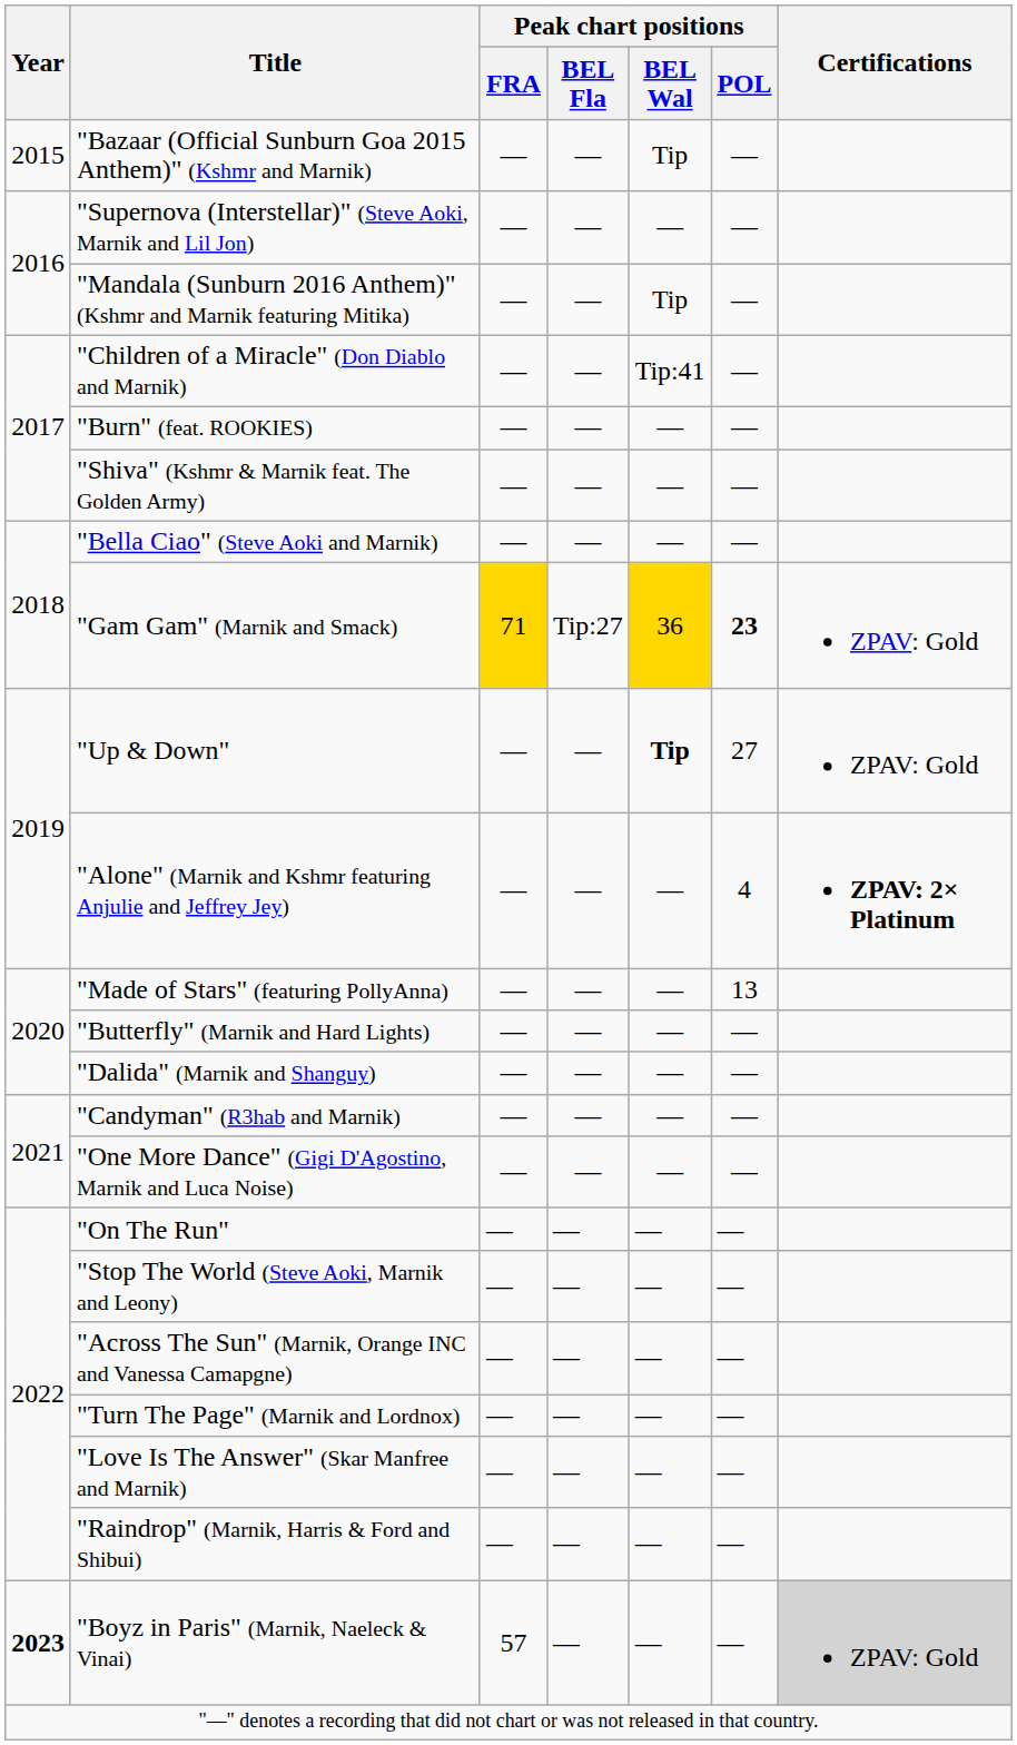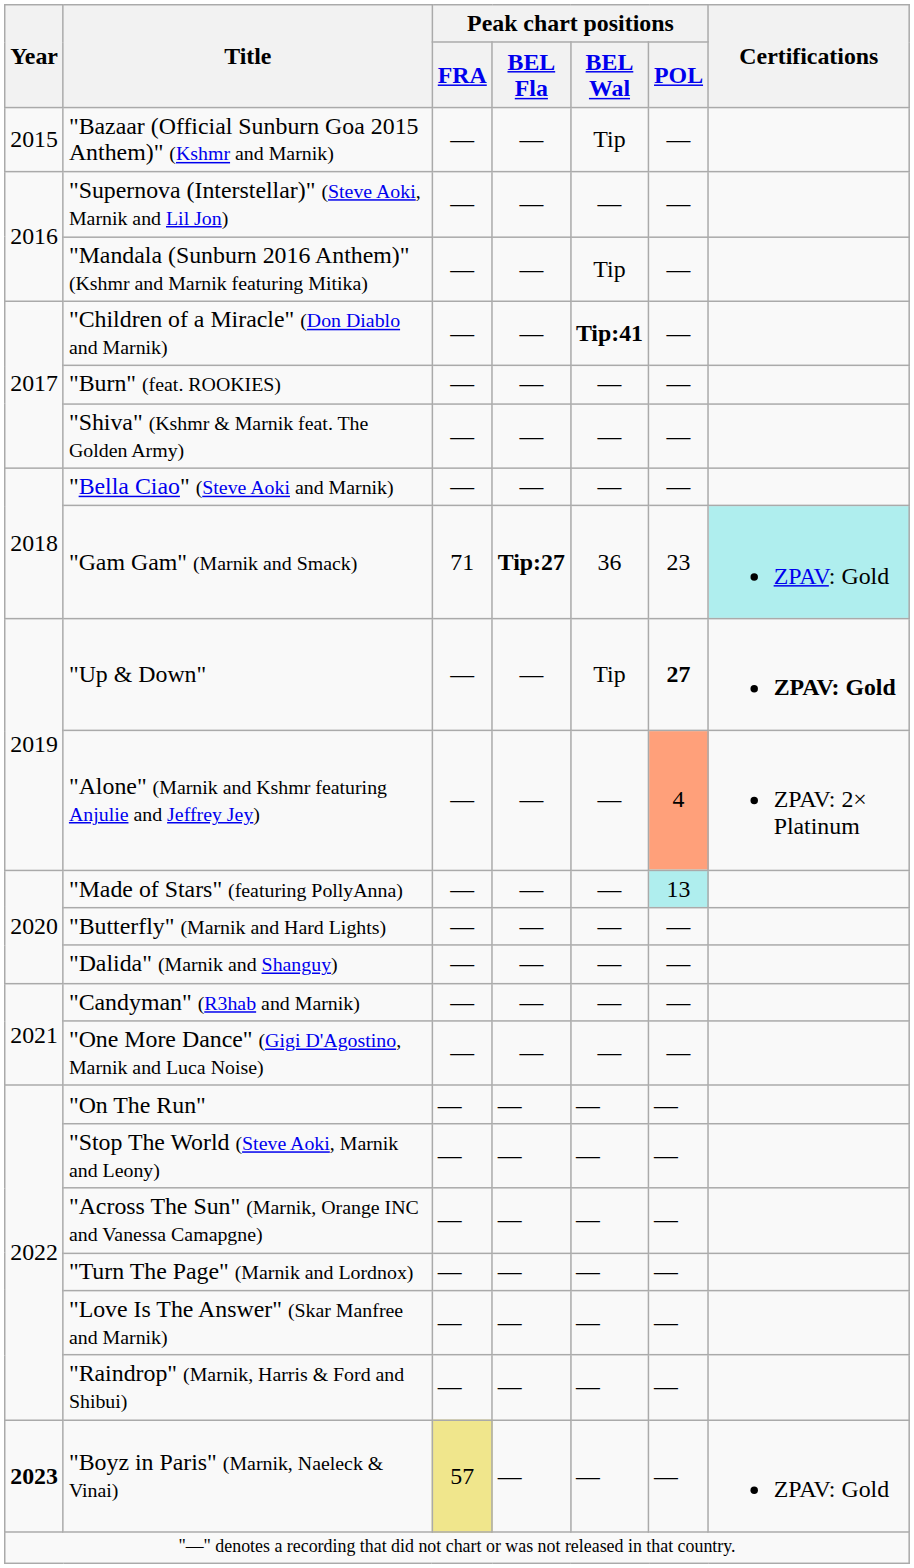 <table class="wikitable plainrowheaders">
 <tr>
 <th align="center" rowspan="2">Year</th>
 <th align="center" rowspan="2">Title</th>
 <th align="center" colspan="4">Peak chart positions</th>
 <th align="center" rowspan="2">Certifications</th>
 </tr>
 <tr>
 <th width="20"><a href='#'>FRA</a><br></th>
 <th width="20"><a href='#'>BEL<br>Fla</a><br></th>
 <th width="20"><a href='#'>BEL<br>Wal</a><br></th>
 <th width="20"><a href='#'>POL</a><br></th>
 </tr>
 <tr>
 <td align="center">2015</td>
 <td>"Bazaar (Official Sunburn Goa 2015 Anthem)" <small>(<a href='#'>Kshmr</a> and Marnik)</small></td>
 <td align="center">—</td>
 <td align="center">—</td>
 <td align="center">Tip</td>
 <td align="center">—</td>
 <td></td>
 </tr>
 <tr>
 <td align="center" rowspan="2">2016</td>
 <td>"Supernova (Interstellar)" <small>(<a href='#'>Steve Aoki</a>, Marnik and <a href='#'>Lil Jon</a>)</small></td>
 <td align="center">—</td>
 <td align="center">—</td>
 <td align="center">—</td>
 <td align="center">—</td>
 <td></td>
 </tr>
 <tr>
 <td>"Mandala (Sunburn 2016 Anthem)" <small>(Kshmr and Marnik featuring Mitika)</small></td>
 <td align="center">—</td>
 <td align="center">—</td>
 <td align="center">Tip</td>
 <td align="center">—</td>
 <td></td>
 </tr>
 <tr>
 <td align="center" rowspan="3">2017</td>
 <td>"Children of a Miracle" <small>(<a href='#'>Don Diablo</a> and Marnik)</small></td>
 <td align="center">—</td>
 <td align="center">—</td>
-<td align="center">Tip:41</td>
+<td align="center"><strong>Tip:41</strong></td>
 <td align="center">—</td>
 <td></td>
 </tr>
 <tr>
 <td>"Burn" <small>(feat. ROOKIES)</small></td>
 <td align="center">—</td>
 <td align="center">—</td>
 <td align="center">—</td>
 <td align="center">—</td>
 <td></td>
 </tr>
 <tr>
 <td>"Shiva" <small>(Kshmr & Marnik feat. The Golden Army)</small></td>
 <td align="center">—</td>
 <td align="center">—</td>
 <td align="center">—</td>
 <td align="center">—</td>
 <td></td>
 </tr>
 <tr>
 <td align="center" rowspan="2">2018</td>
 <td>"<a href='#'>Bella Ciao</a>" <small>(<a href='#'>Steve Aoki</a> and Marnik)</small></td>
 <td align="center">—</td>
 <td align="center">—</td>
 <td align="center">—</td>
 <td align="center">—</td>
 <td></td>
 </tr>
 <tr>
 <td>"Gam Gam" <small>(Marnik and Smack)</small></td>
-<td align="center" style="background: gold;">71</td>
-<td align="center">Tip:27</td>
-<td align="center" style="background: gold;">36</td>
-<td align="center"><strong>23</strong></td>
-<td><br><ul><li><a href='#'>ZPAV</a>: Gold</li></ul></td>
+<td align="center">71</td>
+<td align="center"><strong>Tip:27</strong></td>
+<td align="center">36</td>
+<td align="center">23</td>
+<td style="background: paleturquoise;"><br><ul><li><a href='#'>ZPAV</a>: Gold</li></ul></td>
 </tr>
 <tr>
 <td align="center" rowspan="2">2019</td>
 <td>"Up & Down"</td>
 <td align="center">—</td>
 <td align="center">—</td>
-<td align="center"><strong>Tip</strong></td>
-<td align="center">27</td>
-<td><br><ul><li>ZPAV: Gold</li></ul></td>
+<td align="center">Tip</td>
+<td align="center"><strong>27</strong></td>
+<td><strong><br><ul><li>ZPAV: Gold</li></ul></strong></td>
 </tr>
 <tr>
 <td>"Alone" <small>(Marnik and Kshmr featuring <a href='#'>Anjulie</a> and <a href='#'>Jeffrey Jey</a>)</small></td>
 <td align="center">—</td>
 <td align="center">—</td>
 <td align="center">—</td>
-<td align="center">4</td>
-<td><strong><br><ul><li>ZPAV: 2× Platinum</li></ul></strong></td>
+<td align="center" style="background: lightsalmon;">4</td>
+<td><br><ul><li>ZPAV: 2× Platinum</li></ul></td>
 </tr>
 <tr>
 <td rowspan="3" align="center">2020</td>
 <td>"Made of Stars" <small>(featuring PollyAnna)</small></td>
 <td align="center">—</td>
 <td align="center">—</td>
 <td align="center">—</td>
-<td align="center">13</td>
+<td align="center" style="background: paleturquoise;">13</td>
 <td></td>
 </tr>
 <tr>
 <td>"Butterfly" <small>(Marnik and Hard Lights)</small></td>
 <td align="center">—</td>
 <td align="center">—</td>
 <td align="center">—</td>
 <td align="center">—</td>
 <td></td>
 </tr>
 <tr>
 <td>"Dalida" <small>(Marnik and <a href='#'>Shanguy</a>)</small></td>
 <td align="center">—</td>
 <td align="center">—</td>
 <td align="center">—</td>
 <td align="center">—</td>
 <td></td>
 </tr>
 <tr>
 <td rowspan="2">2021</td>
 <td>"Candyman" <small>(<a href='#'>R3hab</a> and Marnik)</small></td>
 <td align="center">—</td>
 <td align="center">—</td>
 <td align="center">—</td>
 <td align="center">—</td>
 <td></td>
 </tr>
 <tr>
 <td>"One More Dance" <small>(<a href='#'>Gigi D'Agostino</a>, Marnik and Luca Noise)</small></td>
 <td align="center">—</td>
 <td align="center">—</td>
 <td align="center">—</td>
 <td align="center">—</td>
 <td></td>
 </tr>
 <tr>
 <td rowspan="6">2022</td>
 <td>"On The Run"</td>
 <td>—</td>
 <td>—</td>
 <td>—</td>
 <td>—</td>
 <td></td>
 </tr>
 <tr>
 <td>"Stop The World <small>(<a href='#'>Steve Aoki</a>, Marnik and Leony)</small></td>
 <td>—</td>
 <td>—</td>
 <td>—</td>
 <td>—</td>
 <td></td>
 </tr>
 <tr>
 <td>"Across The Sun" <small>(Marnik, Orange INC and Vanessa Camapgne)</small></td>
 <td>—</td>
 <td>—</td>
 <td>—</td>
 <td>—</td>
 <td></td>
 </tr>
 <tr>
 <td>"Turn The Page" <small>(Marnik and Lordnox)</small></td>
 <td>—</td>
 <td>—</td>
 <td>—</td>
 <td>—</td>
 <td></td>
 </tr>
 <tr>
 <td>"Love Is The Answer" <small>(Skar  Manfree and Marnik)</small></td>
 <td>—</td>
 <td>—</td>
 <td>—</td>
 <td>—</td>
 <td></td>
 </tr>
 <tr>
 <td>"Raindrop" <small>(Marnik, Harris & Ford and Shibui)</small></td>
 <td>—</td>
 <td>—</td>
 <td>—</td>
 <td>—</td>
 <td></td>
 </tr>
 <tr>
 <td><strong>2023</strong></td>
 <td>"Boyz in Paris" <small>(Marnik, Naeleck & Vinai)</small></td>
-<td align=center>57<br></td>
+<td align=center style="background: khaki;">57<br></td>
 <td>—</td>
 <td>—</td>
 <td>—</td>
-<td style="background: lightgrey;"><br><ul><li>ZPAV: Gold</li></ul></td>
+<td><br><ul><li>ZPAV: Gold</li></ul></td>
 </tr>
 <tr>
 <td align="center" colspan="7" style="font-size:9pt">"—" denotes a recording that did not chart or was not released in that country.</td>
 </tr>
 </table>
